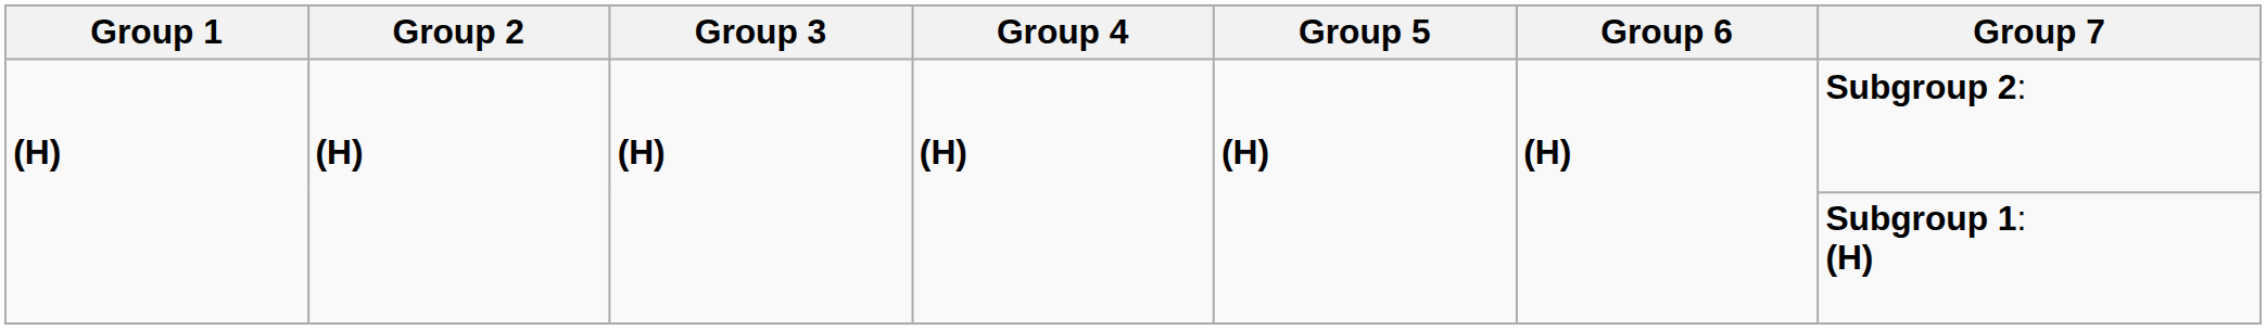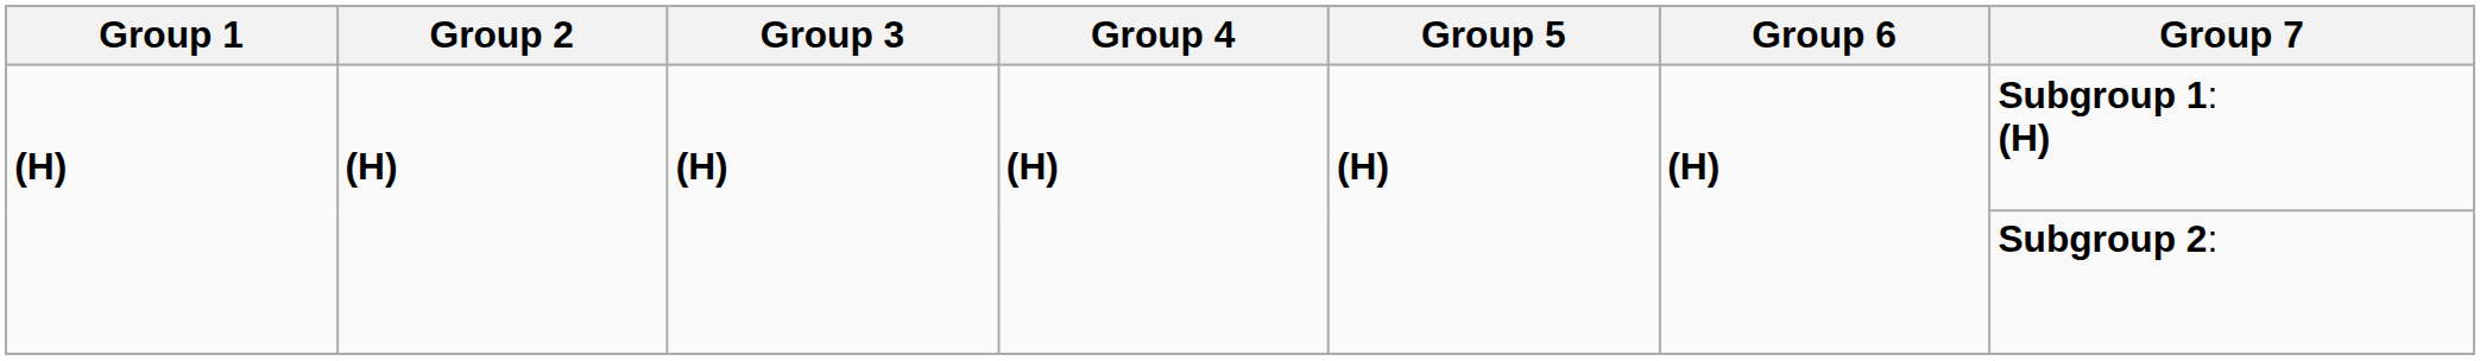 <table class="wikitable" width=1050>
 <tr>
 <th>Group 1</th>
 <th>Group 2</th>
 <th>Group 3</th>
 <th>Group 4</th>
 <th>Group 5</th>
 <th>Group 6</th>
 <th>Group 7</th>
 </tr>
 <tr>
 <td rowspan="2"> <strong>(H)</strong><br><br><br></td>
 <td rowspan="2"> <strong>(H)</strong><br><br><br></td>
 <td rowspan="2"> <strong>(H)</strong><br><br><br></td>
 <td rowspan="2"> <strong>(H)</strong><br><br><br></td>
 <td rowspan="2"> <strong>(H)</strong><br><br><br></td>
 <td rowspan="2"> <strong>(H)</strong><br><br><br></td>
+<td><strong>Subgroup 1</strong>:<br> <strong>(H)</strong><br><br></td>
+</tr>
+<tr>
 <td><strong>Subgroup 2</strong>:<br> <br><br></td>
 </tr>
-<tr>
-<td><strong>Subgroup 1</strong>:<br> <strong>(H)</strong><br><br></td>
-</tr>
 </table>
